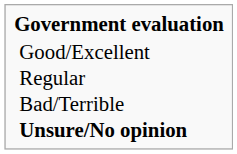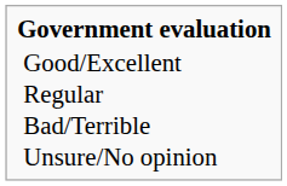 <table style="float; margin-left: 1em; margin-bottom: 0.5em" class="infobox">
 <tr>
 <td style="text-align: center"><span><strong>Government evaluation</strong></span></td>
 </tr>
 <tr>
 <td style="padding: 0 5px;"> Good/Excellent</td>
 </tr>
 <tr>
 <td style="padding: 0 5px;"> Regular</td>
 </tr>
 <tr>
 <td style="padding: 0 5px;"> Bad/Terrible</td>
 </tr>
 <tr>
-<td style="padding: 0 5px;"><strong> Unsure/No opinion</strong></td>
+<td style="padding: 0 5px;"> Unsure/No opinion</td>
 </tr>
 </table>
